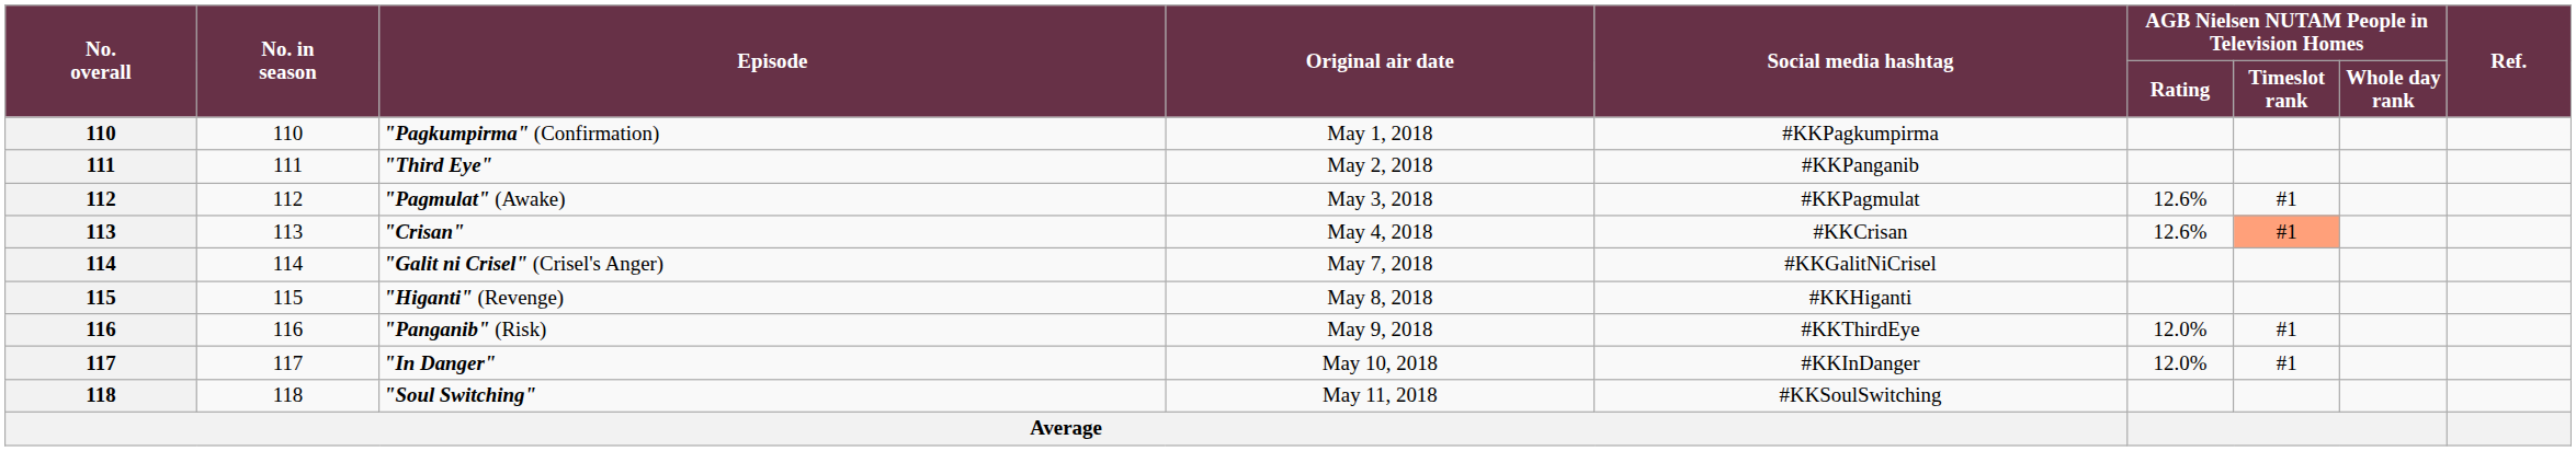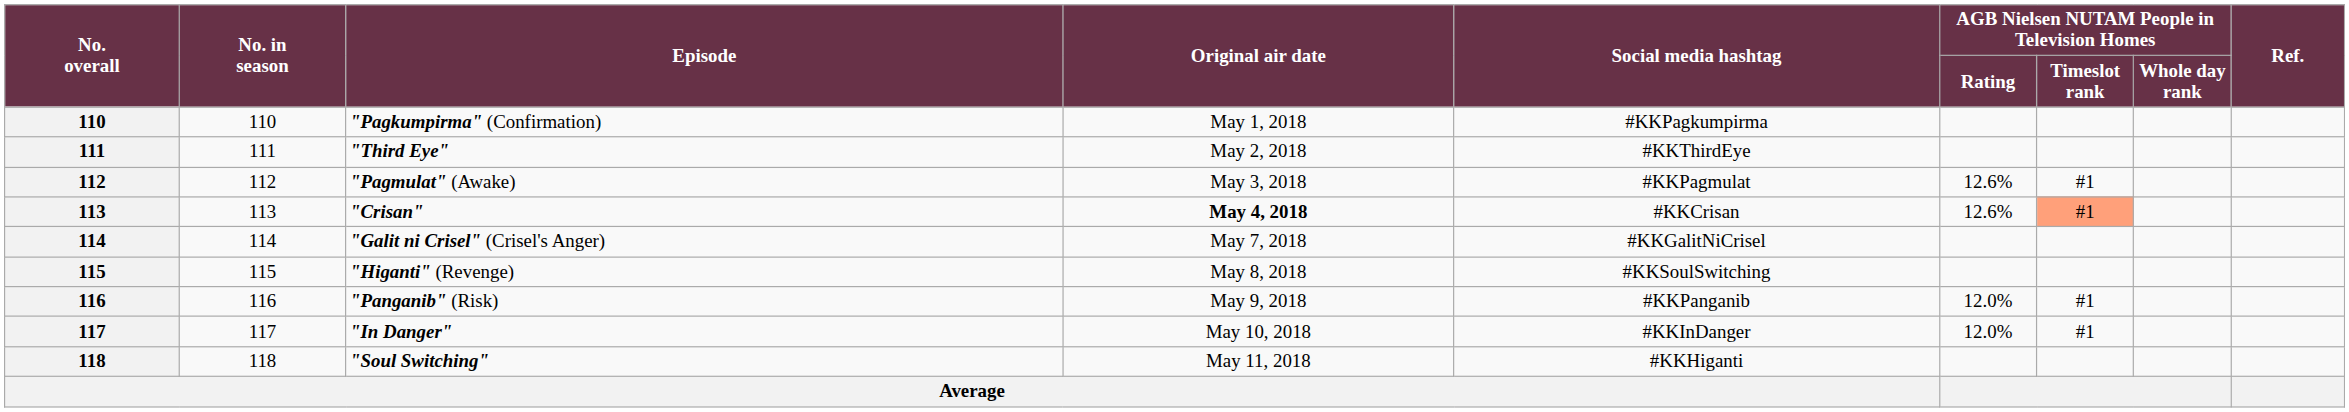 <table class="wikitable" style="text-align:center; font-size:100%; line-height:18px;" width="100%">
 <tr>
 <th style="background-color:#673147; color:#ffffff;" rowspan="2">No.<br>overall</th>
 <th style="background-color:#673147; color:#ffffff;" rowspan="2">No. in<br>season</th>
 <th style="background-color:#673147; color:#ffffff;" rowspan="2">Episode</th>
 <th style="background-color:#673147; color:white" rowspan="2">Original air date</th>
 <th style="background-color:#673147; color:white" rowspan="2">Social media hashtag</th>
 <th style="background-color:#673147; color:#ffffff;" colspan="3">AGB Nielsen NUTAM People in Television Homes</th>
 <th style="background-color:#673147;  color:#ffffff;" rowspan="2">Ref.</th>
 </tr>
 <tr>
 <th style="background-color:#673147; width:75px; color:#ffffff;">Rating</th>
 <th style="background-color:#673147; width:75px; color:#ffffff;">Timeslot<br>rank</th>
 <th style="background-color:#673147; width:75px; color:#ffffff;">Whole day<br>rank</th>
 </tr>
 <tr>
 <th>110</th>
 <td>110</td>
 <td style="text-align: left;"><strong><em>"Pagkumpirma"</em></strong> (Confirmation)</td>
 <td>May 1, 2018</td>
 <td>#KKPagkumpirma</td>
 <td></td>
 <td></td>
 <td></td>
 <td></td>
 </tr>
 <tr>
 <th>111</th>
 <td>111</td>
 <td style="text-align: left;"><strong><em>"Third Eye"</em></strong></td>
 <td>May 2, 2018</td>
-<td>#KKPanganib</td>
+<td>#KKThirdEye</td>
 <td></td>
 <td></td>
 <td></td>
 <td></td>
 </tr>
 <tr>
 <th>112</th>
 <td>112</td>
 <td style="text-align: left;"><strong><em>"Pagmulat"</em></strong> (Awake)</td>
 <td>May 3, 2018</td>
 <td>#KKPagmulat</td>
 <td>12.6%</td>
 <td>#1</td>
 <td></td>
 <td></td>
 </tr>
 <tr>
 <th>113</th>
 <td>113</td>
 <td style="text-align: left;"><strong><em>"Crisan"</em></strong></td>
-<td>May 4, 2018</td>
+<td><strong>May 4, 2018</strong></td>
 <td>#KKCrisan</td>
 <td>12.6%</td>
 <td style="background: lightsalmon;">#1</td>
 <td></td>
 <td></td>
 </tr>
 <tr>
 <th>114</th>
 <td>114</td>
 <td style="text-align: left;"><strong><em>"Galit ni Crisel"</em></strong> (Crisel's Anger)</td>
 <td>May 7, 2018</td>
 <td>#KKGalitNiCrisel</td>
 <td></td>
 <td></td>
 <td></td>
 <td></td>
 </tr>
 <tr>
 <th>115</th>
 <td>115</td>
 <td style="text-align: left;"><strong><em>"Higanti"</em></strong> (Revenge)</td>
 <td>May 8, 2018</td>
-<td>#KKHiganti</td>
+<td>#KKSoulSwitching</td>
 <td></td>
 <td></td>
 <td></td>
 <td></td>
 </tr>
 <tr>
 <th>116</th>
 <td>116</td>
 <td style="text-align: left;"><strong><em>"Panganib"</em></strong> (Risk)</td>
 <td>May 9, 2018</td>
-<td>#KKThirdEye</td>
+<td>#KKPanganib</td>
 <td>12.0%</td>
 <td>#1</td>
 <td></td>
 <td></td>
 </tr>
 <tr>
 <th>117</th>
 <td>117</td>
 <td style="text-align: left;"><strong><em>"In Danger"</em></strong></td>
 <td>May 10, 2018</td>
 <td>#KKInDanger</td>
 <td>12.0%</td>
 <td>#1</td>
 <td></td>
 <td></td>
 </tr>
 <tr>
 <th>118</th>
 <td>118</td>
 <td style="text-align: left;"><strong><em>"Soul Switching"</em></strong></td>
 <td>May 11, 2018</td>
-<td>#KKSoulSwitching</td>
+<td>#KKHiganti</td>
 <td></td>
 <td></td>
 <td></td>
 <td></td>
 </tr>
 <tr>
 <th colspan="5">Average</th>
 <th colspan="3"></th>
 <th></th>
 </tr>
 </table>
